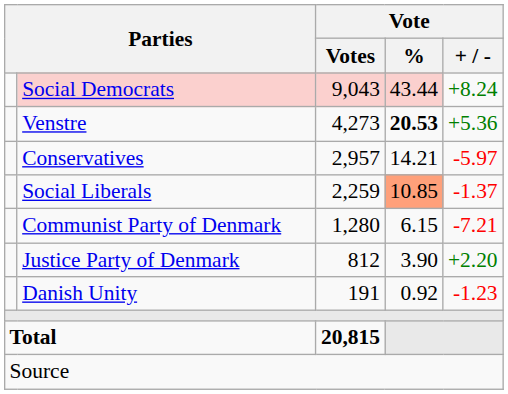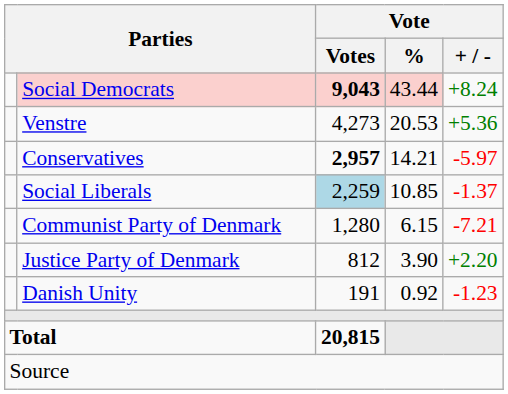 <table class="wikitable" style="text-align:right;">
 <tr>
 <th style="text-align:centre;" rowspan="2" colspan="2" width="225">Parties</th>
 <th colspan="3">Vote</th>
 </tr>
 <tr>
 <th width="15">Votes</th>
 <th width="15">%</th>
 <th width="15">+ / -</th>
 </tr>
 <tr>
 <td width="2" style="color:inherit;background:"></td>
 <td bgcolor=#fbd0ce  align="left"><a href='#'>Social Democrats</a></td>
-<td bgcolor=#fbd0ce>9,043</td>
+<td bgcolor=#fbd0ce><strong>9,043</strong></td>
 <td bgcolor=#fbd0ce>43.44</td>
 <td style=color:green;>+8.24</td>
 </tr>
 <tr>
 <td width="2" style="color:inherit;background:"></td>
 <td align="left"><a href='#'>Venstre</a></td>
 <td>4,273</td>
-<td><strong>20.53</strong></td>
+<td>20.53</td>
 <td style=color:green;>+5.36</td>
 </tr>
 <tr>
 <td width="2" style="color:inherit;background:"></td>
 <td align="left"><a href='#'>Conservatives</a></td>
-<td>2,957</td>
+<td><strong>2,957</strong></td>
 <td>14.21</td>
 <td style=color:red;>-5.97</td>
 </tr>
 <tr>
 <td width="2" style="color:inherit;background:"></td>
 <td align="left"><a href='#'>Social Liberals</a></td>
-<td>2,259</td>
-<td style="background: lightsalmon;">10.85</td>
+<td style="background: lightblue;">2,259</td>
+<td>10.85</td>
 <td style=color:red;>-1.37</td>
 </tr>
 <tr>
 <td width="2" style="color:inherit;background:"></td>
 <td align="left"><a href='#'>Communist Party of Denmark</a></td>
 <td>1,280</td>
 <td>6.15</td>
 <td style=color:red;>-7.21</td>
 </tr>
 <tr>
 <td width="2" style="color:inherit;background:"></td>
 <td align="left"><a href='#'>Justice Party of Denmark</a></td>
 <td>812</td>
 <td>3.90</td>
 <td style=color:green;>+2.20</td>
 </tr>
 <tr>
 <td width="2" style="color:inherit;background:"></td>
 <td align="left"><a href='#'>Danish Unity</a></td>
 <td>191</td>
 <td>0.92</td>
 <td style=color:red;>-1.23</td>
 </tr>
 <tr>
 <td colspan="7" bgcolor="#E9E9E9"></td>
 </tr>
 <tr>
 <td align="left" colspan="2"><strong>Total</strong></td>
 <td><strong>20,815</strong></td>
 <td bgcolor="#E9E9E9" colspan="2"></td>
 </tr>
 <tr>
 <td align="left" colspan="6">Source</td>
 </tr>
 </table>
